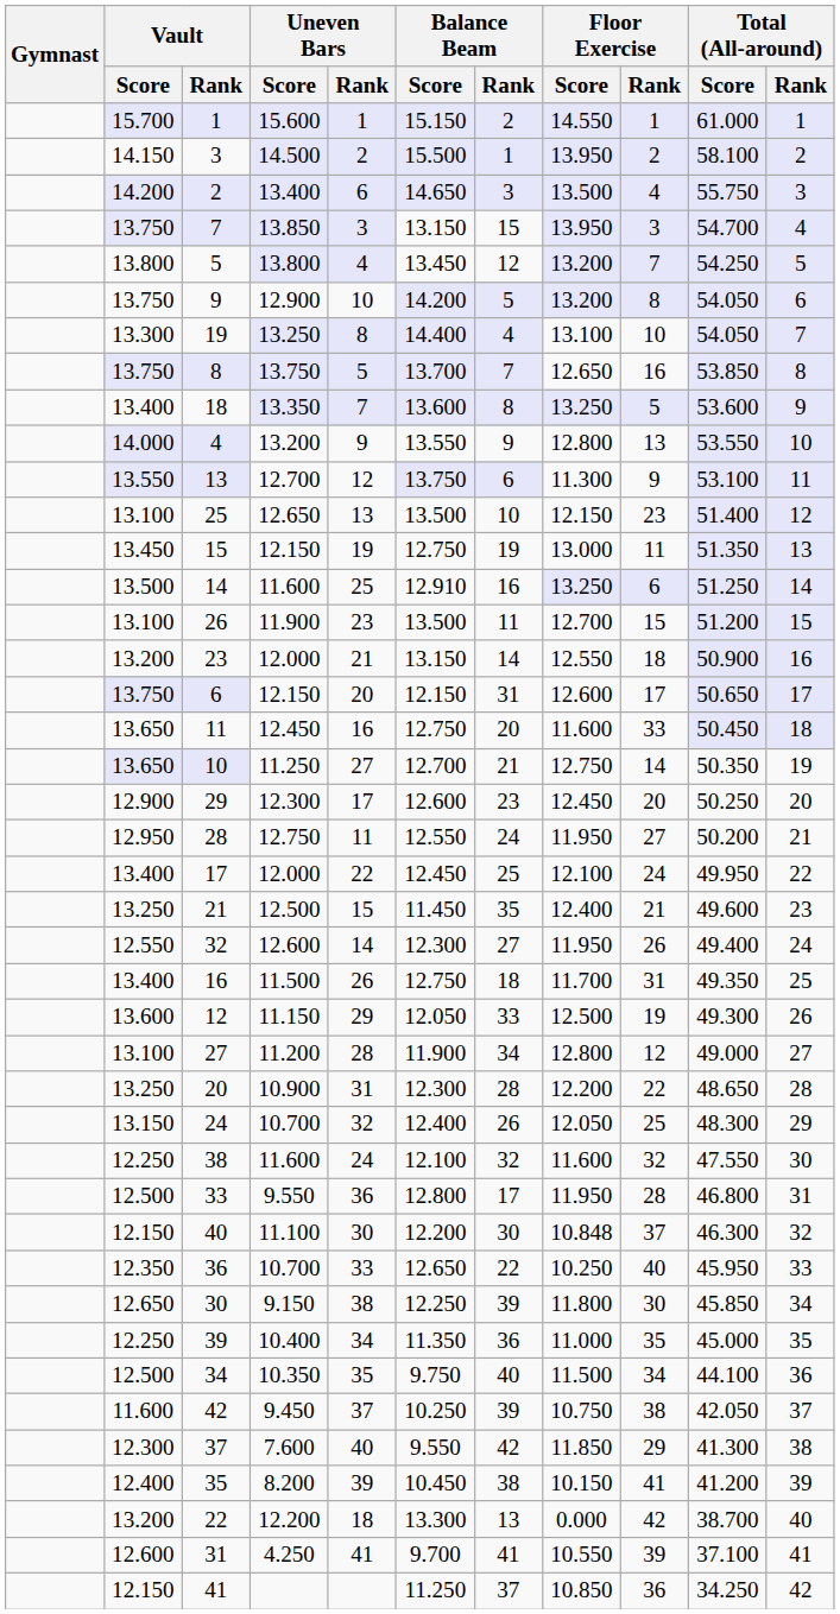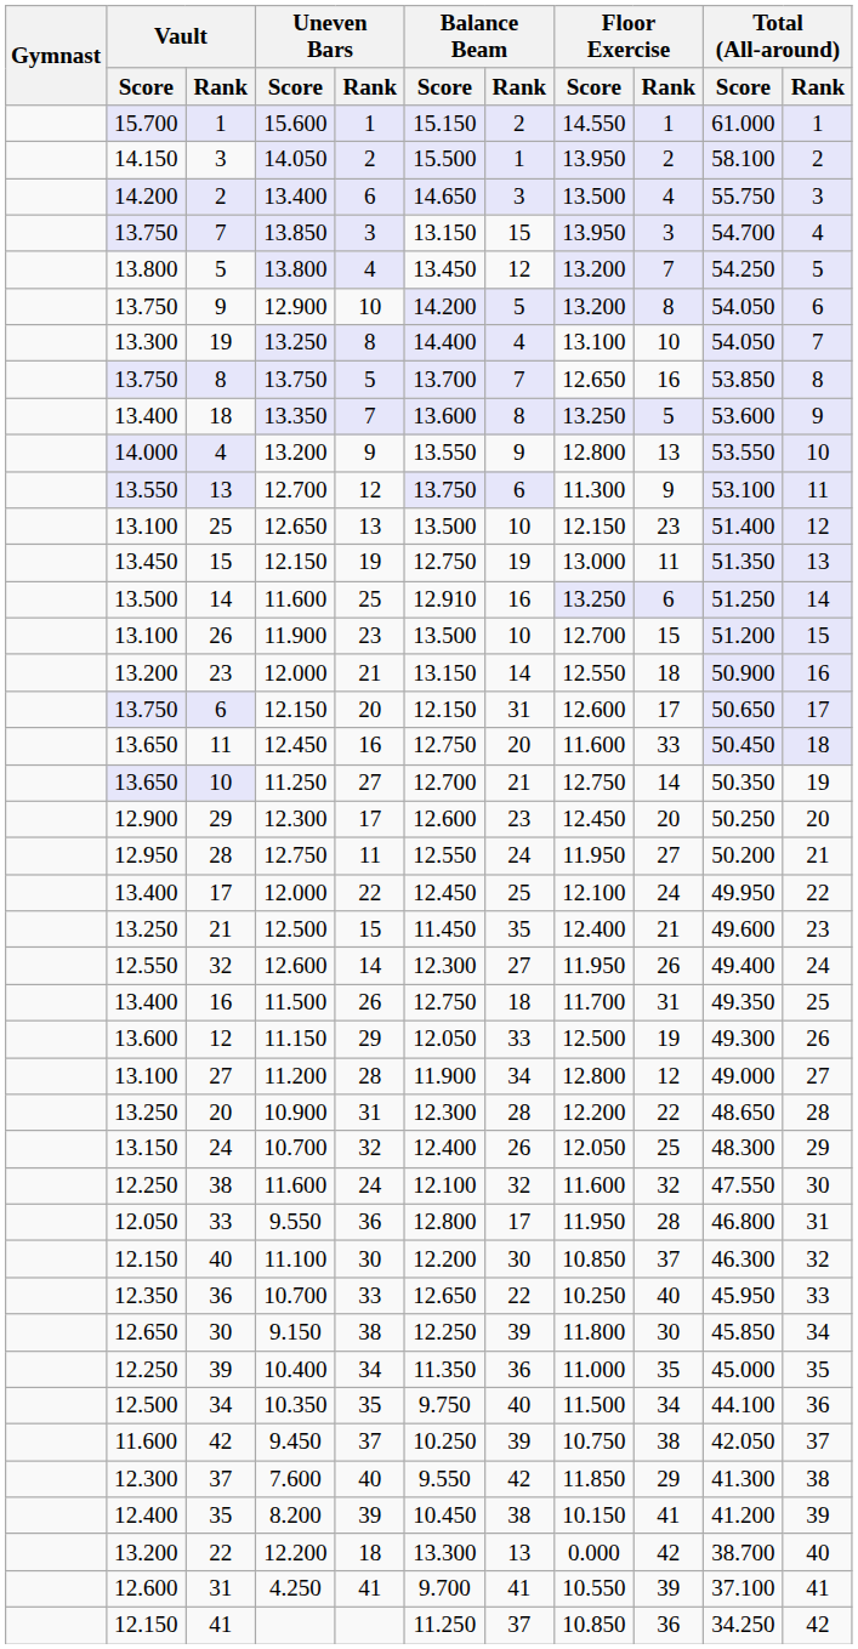 <table class="wikitable" style="text-align:center">
 <tr>
 <th rowspan=2>Gymnast</th>
 <th style="width:6em" colspan=2>Vault</th>
 <th style="width:6em" colspan=2>Uneven<br>Bars</th>
 <th style="width:6em" colspan=2>Balance<br>Beam</th>
 <th style="width:6em" colspan=2>Floor<br>Exercise</th>
 <th style="width:6em" colspan=2>Total<br>(All-around)</th>
 </tr>
 <tr>
 <th>Score</th>
 <th>Rank</th>
 <th>Score</th>
 <th>Rank</th>
 <th>Score</th>
 <th>Rank</th>
 <th>Score</th>
 <th>Rank</th>
 <th>Score</th>
 <th>Rank</th>
 </tr>
 <tr>
 <td align=left></td>
 <td bgcolor="lavender">15.700</td>
 <td bgcolor="lavender">1</td>
 <td bgcolor="lavender">15.600</td>
 <td bgcolor="lavender">1</td>
 <td bgcolor="lavender">15.150</td>
 <td bgcolor="lavender">2</td>
 <td bgcolor="lavender">14.550</td>
 <td bgcolor="lavender">1</td>
 <td bgcolor="lavender">61.000</td>
 <td bgcolor="lavender">1</td>
 </tr>
 <tr>
 <td align=left></td>
 <td>14.150</td>
 <td>3</td>
-<td bgcolor="lavender">14.500</td>
+<td bgcolor="lavender">14.050</td>
 <td bgcolor="lavender">2</td>
 <td bgcolor="lavender">15.500</td>
 <td bgcolor="lavender">1</td>
 <td bgcolor="lavender">13.950</td>
 <td bgcolor="lavender">2</td>
 <td bgcolor="lavender">58.100</td>
 <td bgcolor="lavender">2</td>
 </tr>
 <tr>
 <td align=left></td>
 <td bgcolor="lavender">14.200</td>
 <td bgcolor="lavender">2</td>
 <td bgcolor="lavender">13.400</td>
 <td bgcolor="lavender">6</td>
 <td bgcolor="lavender">14.650</td>
 <td bgcolor="lavender">3</td>
 <td bgcolor="lavender">13.500</td>
 <td bgcolor="lavender">4</td>
 <td bgcolor="lavender">55.750</td>
 <td bgcolor="lavender">3</td>
 </tr>
 <tr>
 <td align=left></td>
 <td bgcolor="lavender">13.750</td>
 <td bgcolor="lavender">7</td>
 <td bgcolor="lavender">13.850</td>
 <td bgcolor="lavender">3</td>
 <td>13.150</td>
 <td>15</td>
 <td bgcolor="lavender">13.950</td>
 <td bgcolor="lavender">3</td>
 <td bgcolor="lavender">54.700</td>
 <td bgcolor="lavender">4</td>
 </tr>
 <tr>
 <td align=left></td>
 <td>13.800</td>
 <td>5</td>
 <td bgcolor="lavender">13.800</td>
 <td bgcolor="lavender">4</td>
 <td>13.450</td>
 <td>12</td>
 <td bgcolor="lavender">13.200</td>
 <td bgcolor="lavender">7</td>
 <td bgcolor="lavender">54.250</td>
 <td bgcolor="lavender">5</td>
 </tr>
 <tr>
 <td align=left></td>
 <td>13.750</td>
 <td>9</td>
 <td>12.900</td>
 <td>10</td>
 <td bgcolor="lavender">14.200</td>
 <td bgcolor="lavender">5</td>
 <td bgcolor="lavender">13.200</td>
 <td bgcolor="lavender">8</td>
 <td bgcolor="lavender">54.050</td>
 <td bgcolor="lavender">6</td>
 </tr>
 <tr>
 <td align=left></td>
 <td>13.300</td>
 <td>19</td>
 <td bgcolor="lavender">13.250</td>
 <td bgcolor="lavender">8</td>
 <td bgcolor="lavender">14.400</td>
 <td bgcolor="lavender">4</td>
 <td>13.100</td>
 <td>10</td>
 <td bgcolor="lavender">54.050</td>
 <td bgcolor="lavender">7</td>
 </tr>
 <tr>
 <td align=left></td>
 <td bgcolor="lavender">13.750</td>
 <td bgcolor="lavender">8</td>
 <td bgcolor="lavender">13.750</td>
 <td bgcolor="lavender">5</td>
 <td bgcolor="lavender">13.700</td>
 <td bgcolor="lavender">7</td>
 <td>12.650</td>
 <td>16</td>
 <td bgcolor="lavender">53.850</td>
 <td bgcolor="lavender">8</td>
 </tr>
 <tr>
 <td align=left></td>
 <td>13.400</td>
 <td>18</td>
 <td bgcolor="lavender">13.350</td>
 <td bgcolor="lavender">7</td>
 <td bgcolor="lavender">13.600</td>
 <td bgcolor="lavender">8</td>
 <td bgcolor="lavender">13.250</td>
 <td bgcolor="lavender">5</td>
 <td bgcolor="lavender">53.600</td>
 <td bgcolor="lavender">9</td>
 </tr>
 <tr>
 <td align=left></td>
 <td bgcolor="lavender">14.000</td>
 <td bgcolor="lavender">4</td>
 <td>13.200</td>
 <td>9</td>
 <td>13.550</td>
 <td>9</td>
 <td>12.800</td>
 <td>13</td>
 <td bgcolor="lavender">53.550</td>
 <td bgcolor="lavender">10</td>
 </tr>
 <tr>
 <td align=left></td>
 <td bgcolor="lavender">13.550</td>
 <td bgcolor="lavender">13</td>
 <td>12.700</td>
 <td>12</td>
 <td bgcolor="lavender">13.750</td>
 <td bgcolor="lavender">6</td>
 <td>11.300</td>
 <td>9</td>
 <td bgcolor="lavender">53.100</td>
 <td bgcolor="lavender">11</td>
 </tr>
 <tr>
 <td align=left></td>
 <td>13.100</td>
 <td>25</td>
 <td>12.650</td>
 <td>13</td>
 <td>13.500</td>
 <td>10</td>
 <td>12.150</td>
 <td>23</td>
 <td bgcolor="lavender">51.400</td>
 <td bgcolor="lavender">12</td>
 </tr>
 <tr>
 <td align=left></td>
 <td>13.450</td>
 <td>15</td>
 <td>12.150</td>
 <td>19</td>
 <td>12.750</td>
 <td>19</td>
 <td>13.000</td>
 <td>11</td>
 <td bgcolor="lavender">51.350</td>
 <td bgcolor="lavender">13</td>
 </tr>
 <tr>
 <td align=left></td>
 <td>13.500</td>
 <td>14</td>
 <td>11.600</td>
 <td>25</td>
 <td>12.910</td>
 <td>16</td>
 <td bgcolor="lavender">13.250</td>
 <td bgcolor="lavender">6</td>
 <td bgcolor="lavender">51.250</td>
 <td bgcolor="lavender">14</td>
 </tr>
 <tr>
 <td align=left></td>
 <td>13.100</td>
 <td>26</td>
 <td>11.900</td>
 <td>23</td>
 <td>13.500</td>
-<td>11</td>
+<td>10</td>
 <td>12.700</td>
 <td>15</td>
 <td bgcolor="lavender">51.200</td>
 <td bgcolor="lavender">15</td>
 </tr>
 <tr>
 <td align=left></td>
 <td>13.200</td>
 <td>23</td>
 <td>12.000</td>
 <td>21</td>
 <td>13.150</td>
 <td>14</td>
 <td>12.550</td>
 <td>18</td>
 <td bgcolor="lavender">50.900</td>
 <td bgcolor="lavender">16</td>
 </tr>
 <tr>
 <td align=left></td>
 <td bgcolor="lavender">13.750</td>
 <td bgcolor="lavender">6</td>
 <td>12.150</td>
 <td>20</td>
 <td>12.150</td>
 <td>31</td>
 <td>12.600</td>
 <td>17</td>
 <td bgcolor="lavender">50.650</td>
 <td bgcolor="lavender">17</td>
 </tr>
 <tr>
 <td align=left></td>
 <td>13.650</td>
 <td>11</td>
 <td>12.450</td>
 <td>16</td>
 <td>12.750</td>
 <td>20</td>
 <td>11.600</td>
 <td>33</td>
 <td bgcolor="lavender">50.450</td>
 <td bgcolor="lavender">18</td>
 </tr>
 <tr>
 <td align=left></td>
 <td bgcolor="lavender">13.650</td>
 <td bgcolor="lavender">10</td>
 <td>11.250</td>
 <td>27</td>
 <td>12.700</td>
 <td>21</td>
 <td>12.750</td>
 <td>14</td>
 <td>50.350</td>
 <td>19</td>
 </tr>
 <tr>
 <td align=left></td>
 <td>12.900</td>
 <td>29</td>
 <td>12.300</td>
 <td>17</td>
 <td>12.600</td>
 <td>23</td>
 <td>12.450</td>
 <td>20</td>
 <td>50.250</td>
 <td>20</td>
 </tr>
 <tr>
 <td align=left></td>
 <td>12.950</td>
 <td>28</td>
 <td>12.750</td>
 <td>11</td>
 <td>12.550</td>
 <td>24</td>
 <td>11.950</td>
 <td>27</td>
 <td>50.200</td>
 <td>21</td>
 </tr>
 <tr>
 <td align=left></td>
 <td>13.400</td>
 <td>17</td>
 <td>12.000</td>
 <td>22</td>
 <td>12.450</td>
 <td>25</td>
 <td>12.100</td>
 <td>24</td>
 <td>49.950</td>
 <td>22</td>
 </tr>
 <tr>
 <td align=left></td>
 <td>13.250</td>
 <td>21</td>
 <td>12.500</td>
 <td>15</td>
 <td>11.450</td>
 <td>35</td>
 <td>12.400</td>
 <td>21</td>
 <td>49.600</td>
 <td>23</td>
 </tr>
 <tr>
 <td align=left></td>
 <td>12.550</td>
 <td>32</td>
 <td>12.600</td>
 <td>14</td>
 <td>12.300</td>
 <td>27</td>
 <td>11.950</td>
 <td>26</td>
 <td>49.400</td>
 <td>24</td>
 </tr>
 <tr>
 <td align=left></td>
 <td>13.400</td>
 <td>16</td>
 <td>11.500</td>
 <td>26</td>
 <td>12.750</td>
 <td>18</td>
 <td>11.700</td>
 <td>31</td>
 <td>49.350</td>
 <td>25</td>
 </tr>
 <tr>
 <td align=left></td>
 <td>13.600</td>
 <td>12</td>
 <td>11.150</td>
 <td>29</td>
 <td>12.050</td>
 <td>33</td>
 <td>12.500</td>
 <td>19</td>
 <td>49.300</td>
 <td>26</td>
 </tr>
 <tr>
 <td align=left></td>
 <td>13.100</td>
 <td>27</td>
 <td>11.200</td>
 <td>28</td>
 <td>11.900</td>
 <td>34</td>
 <td>12.800</td>
 <td>12</td>
 <td>49.000</td>
 <td>27</td>
 </tr>
 <tr>
 <td align=left></td>
 <td>13.250</td>
 <td>20</td>
 <td>10.900</td>
 <td>31</td>
 <td>12.300</td>
 <td>28</td>
 <td>12.200</td>
 <td>22</td>
 <td>48.650</td>
 <td>28</td>
 </tr>
 <tr>
 <td align=left></td>
 <td>13.150</td>
 <td>24</td>
 <td>10.700</td>
 <td>32</td>
 <td>12.400</td>
 <td>26</td>
 <td>12.050</td>
 <td>25</td>
 <td>48.300</td>
 <td>29</td>
 </tr>
 <tr>
 <td align=left></td>
 <td>12.250</td>
 <td>38</td>
 <td>11.600</td>
 <td>24</td>
 <td>12.100</td>
 <td>32</td>
 <td>11.600</td>
 <td>32</td>
 <td>47.550</td>
 <td>30</td>
 </tr>
 <tr>
 <td align=left></td>
-<td>12.500</td>
+<td>12.050</td>
 <td>33</td>
 <td>9.550</td>
 <td>36</td>
 <td>12.800</td>
 <td>17</td>
 <td>11.950</td>
 <td>28</td>
 <td>46.800</td>
 <td>31</td>
 </tr>
 <tr>
 <td align=left></td>
 <td>12.150</td>
 <td>40</td>
 <td>11.100</td>
 <td>30</td>
 <td>12.200</td>
 <td>30</td>
-<td>10.848</td>
+<td>10.850</td>
 <td>37</td>
 <td>46.300</td>
 <td>32</td>
 </tr>
 <tr>
 <td align=left></td>
 <td>12.350</td>
 <td>36</td>
 <td>10.700</td>
 <td>33</td>
 <td>12.650</td>
 <td>22</td>
 <td>10.250</td>
 <td>40</td>
 <td>45.950</td>
 <td>33</td>
 </tr>
 <tr>
 <td align=left></td>
 <td>12.650</td>
 <td>30</td>
 <td>9.150</td>
 <td>38</td>
 <td>12.250</td>
 <td>39</td>
 <td>11.800</td>
 <td>30</td>
 <td>45.850</td>
 <td>34</td>
 </tr>
 <tr>
 <td align=left></td>
 <td>12.250</td>
 <td>39</td>
 <td>10.400</td>
 <td>34</td>
 <td>11.350</td>
 <td>36</td>
 <td>11.000</td>
 <td>35</td>
 <td>45.000</td>
 <td>35</td>
 </tr>
 <tr>
 <td align=left></td>
 <td>12.500</td>
 <td>34</td>
 <td>10.350</td>
 <td>35</td>
 <td>9.750</td>
 <td>40</td>
 <td>11.500</td>
 <td>34</td>
 <td>44.100</td>
 <td>36</td>
 </tr>
 <tr>
 <td align=left></td>
 <td>11.600</td>
 <td>42</td>
 <td>9.450</td>
 <td>37</td>
 <td>10.250</td>
 <td>39</td>
 <td>10.750</td>
 <td>38</td>
 <td>42.050</td>
 <td>37</td>
 </tr>
 <tr>
 <td align=left></td>
 <td>12.300</td>
 <td>37</td>
 <td>7.600</td>
 <td>40</td>
 <td>9.550</td>
 <td>42</td>
 <td>11.850</td>
 <td>29</td>
 <td>41.300</td>
 <td>38</td>
 </tr>
 <tr>
 <td align=left></td>
 <td>12.400</td>
 <td>35</td>
 <td>8.200</td>
 <td>39</td>
 <td>10.450</td>
 <td>38</td>
 <td>10.150</td>
 <td>41</td>
 <td>41.200</td>
 <td>39</td>
 </tr>
 <tr>
 <td align=left></td>
 <td>13.200</td>
 <td>22</td>
 <td>12.200</td>
 <td>18</td>
 <td>13.300</td>
 <td>13</td>
 <td>0.000</td>
 <td>42</td>
 <td>38.700</td>
 <td>40</td>
 </tr>
 <tr>
 <td align=left></td>
 <td>12.600</td>
 <td>31</td>
 <td>4.250</td>
 <td>41</td>
 <td>9.700</td>
 <td>41</td>
 <td>10.550</td>
 <td>39</td>
 <td>37.100</td>
 <td>41</td>
 </tr>
 <tr>
 <td align=left></td>
 <td>12.150</td>
 <td>41</td>
 <td></td>
 <td></td>
 <td>11.250</td>
 <td>37</td>
 <td>10.850</td>
 <td>36</td>
 <td>34.250</td>
 <td>42</td>
 </tr>
 </table>
